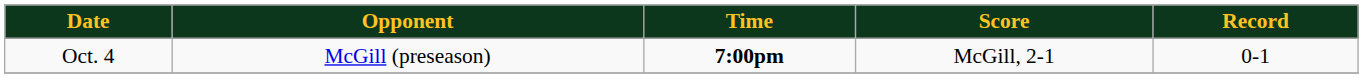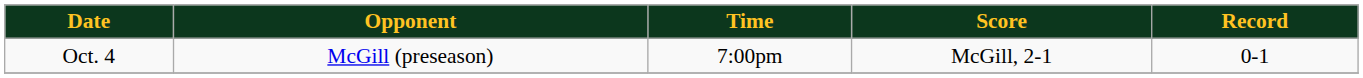 <table class="wikitable" width="80%">
 <tr align="center"  style="background:#0C371D;color:#ffc322;">
 <td><strong>Date</strong></td>
 <td><strong>Opponent</strong></td>
 <td><strong>Time</strong></td>
 <td><strong>Score</strong></td>
 <td><strong>Record</strong></td>
 </tr>
 <tr align="center" bgcolor="">
 <td>Oct.	4</td>
 <td><a href='#'>McGill</a> (preseason)</td>
-<td><strong>7:00pm</strong></td>
+<td>7:00pm</td>
 <td>McGill, 2-1</td>
 <td>0-1</td>
 </tr>
 <tr align="center" bgcolor="">
 </tr>
 </table>
